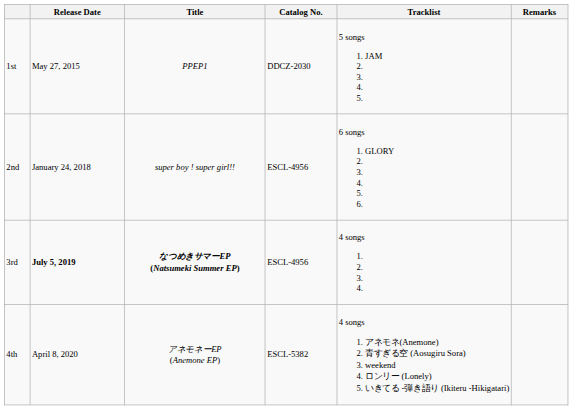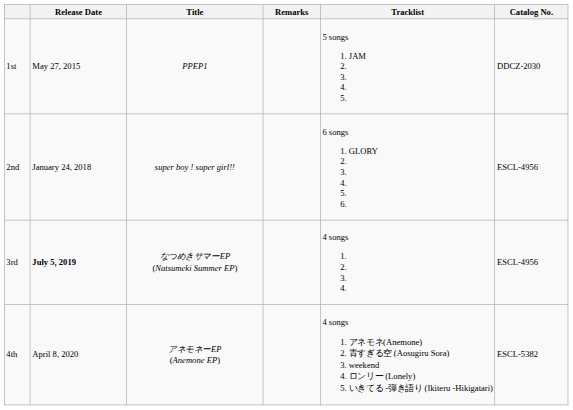 <table class="wikitable" style=font-size:small>
 <tr>
 <th> </th>
 <th>Release Date</th>
 <th>Title</th>
+<th>Remarks</th>
+<th style="width:31%">Tracklist</th>
 <th>Catalog No.</th>
-<th style="width:31%">Tracklist</th>
-<th>Remarks</th>
 </tr>
 <tr>
 <td>1st</td>
 <td>May 27, 2015</td>
 <td style="text-align:center;"><em>PPEP1</em></td>
+<td></td>
+<td><br>5 songs<ol><li>JAM</li><li></li><li></li><li></li><li></li></ol></td>
 <td>DDCZ-2030</td>
-<td><br>5 songs<ol><li>JAM</li><li></li><li></li><li></li><li></li></ol></td>
-<td></td>
 </tr>
 <tr>
 <td>2nd</td>
 <td>January 24, 2018</td>
 <td style="text-align:center;"><em>super boy ! super girl!! </em></td>
+<td></td>
+<td><br>6 songs<ol><li>GLORY</li><li></li><li></li><li></li><li></li><li></li></ol></td>
 <td>ESCL-4956</td>
-<td><br>6 songs<ol><li>GLORY</li><li></li><li></li><li></li><li></li><li></li></ol></td>
-<td></td>
 </tr>
 <tr>
 <td>3rd</td>
 <td><strong>July 5, 2019</strong></td>
-<td style="text-align:center;"><strong><em>なつめきサマーEP</em><br>(<em>Natsumeki Summer EP</em>)</strong></td>
+<td style="text-align:center;"><em>なつめきサマーEP</em><br>(<em>Natsumeki Summer EP</em>)</td>
+<td></td>
+<td><br>4 songs<ol><li></li><li></li><li></li><li></li></ol></td>
 <td>ESCL-4956</td>
-<td><br>4 songs<ol><li></li><li></li><li></li><li></li></ol></td>
-<td></td>
 </tr>
 <tr>
 <td>4th</td>
 <td>April 8, 2020</td>
 <td style="text-align:center;"><em>アネモネーEP</em><br>(<em>Anemone EP</em>)</td>
+<td></td>
+<td><br>4 songs<ol><li>アネモネ(Anemone)</li><li>青すぎる空 (Aosugiru Sora)</li><li>weekend</li><li>ロンリー (Lonely)</li><li>いきてる -弾き語り (Ikiteru -Hikigatari)</li></ol></td>
 <td>ESCL-5382</td>
-<td><br>4 songs<ol><li>アネモネ(Anemone)</li><li>青すぎる空 (Aosugiru Sora)</li><li>weekend</li><li>ロンリー (Lonely)</li><li>いきてる -弾き語り (Ikiteru -Hikigatari)</li></ol></td>
-<td></td>
 </tr>
 </table>
